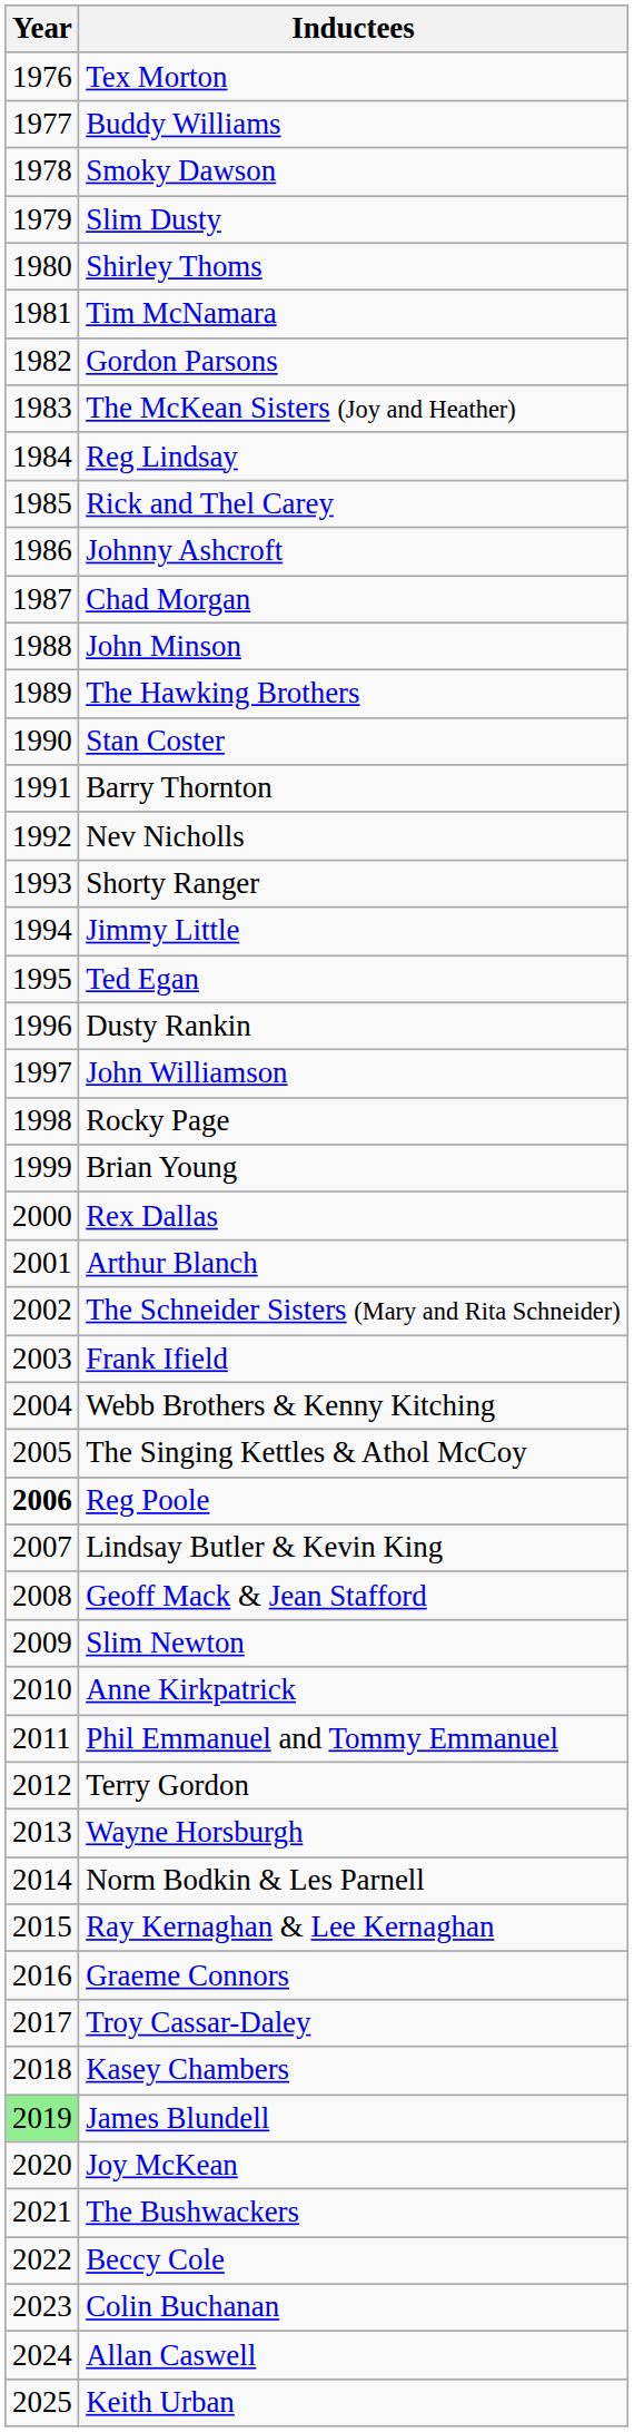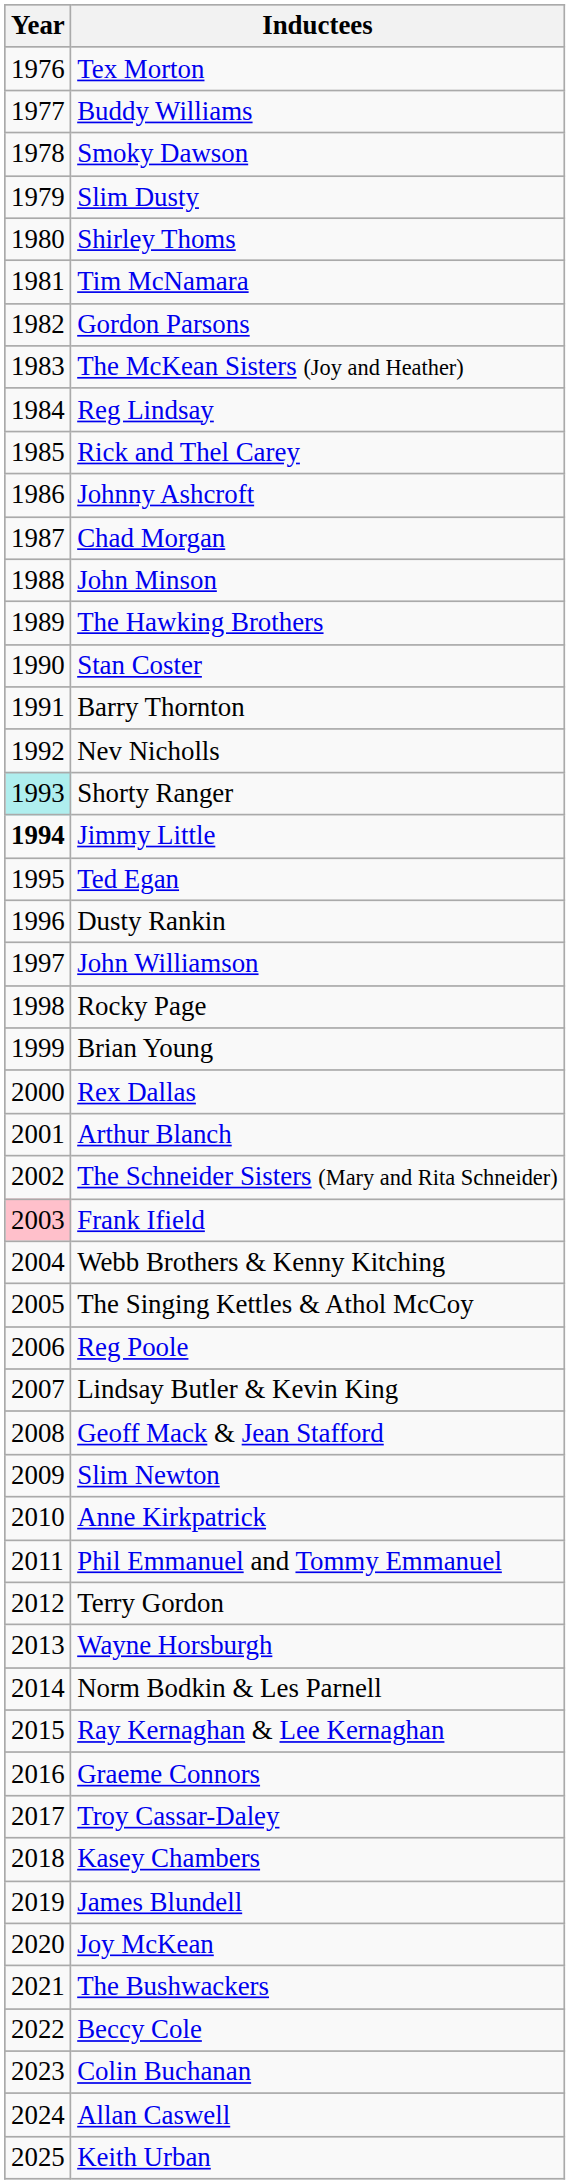 <table class="wikitable">
 <tr>
 <th>Year</th>
 <th>Inductees</th>
 </tr>
 <tr>
 <td>1976</td>
 <td><a href='#'>Tex Morton</a></td>
 </tr>
 <tr>
 <td>1977</td>
 <td><a href='#'>Buddy Williams</a></td>
 </tr>
 <tr>
 <td>1978</td>
 <td><a href='#'>Smoky Dawson</a></td>
 </tr>
 <tr>
 <td>1979</td>
 <td><a href='#'>Slim Dusty</a></td>
 </tr>
 <tr>
 <td>1980</td>
 <td><a href='#'>Shirley Thoms</a></td>
 </tr>
 <tr>
 <td>1981</td>
 <td><a href='#'>Tim McNamara</a></td>
 </tr>
 <tr>
 <td>1982</td>
 <td><a href='#'>Gordon Parsons</a></td>
 </tr>
 <tr>
 <td>1983</td>
 <td><a href='#'>The McKean Sisters</a> <small> (Joy and Heather)</small></td>
 </tr>
 <tr>
 <td>1984</td>
 <td><a href='#'>Reg Lindsay</a></td>
 </tr>
 <tr>
 <td>1985</td>
 <td><a href='#'>Rick and Thel Carey</a></td>
 </tr>
 <tr>
 <td>1986</td>
 <td><a href='#'>Johnny Ashcroft</a></td>
 </tr>
 <tr>
 <td>1987</td>
 <td><a href='#'>Chad Morgan</a></td>
 </tr>
 <tr>
 <td>1988</td>
 <td><a href='#'>John Minson</a></td>
 </tr>
 <tr>
 <td>1989</td>
 <td><a href='#'>The Hawking Brothers</a></td>
 </tr>
 <tr>
 <td>1990</td>
 <td><a href='#'>Stan Coster</a></td>
 </tr>
 <tr>
 <td>1991</td>
 <td>Barry Thornton</td>
 </tr>
 <tr>
 <td>1992</td>
 <td>Nev Nicholls</td>
 </tr>
 <tr>
-<td>1993</td>
+<td style="background: paleturquoise;">1993</td>
 <td>Shorty Ranger</td>
 </tr>
 <tr>
-<td>1994</td>
+<td><strong>1994</strong></td>
 <td><a href='#'>Jimmy Little</a></td>
 </tr>
 <tr>
 <td>1995</td>
 <td><a href='#'>Ted Egan</a></td>
 </tr>
 <tr>
 <td>1996</td>
 <td>Dusty Rankin</td>
 </tr>
 <tr>
 <td>1997</td>
 <td><a href='#'>John Williamson</a></td>
 </tr>
 <tr>
 <td>1998</td>
 <td>Rocky Page</td>
 </tr>
 <tr>
 <td>1999</td>
 <td>Brian Young</td>
 </tr>
 <tr>
 <td>2000</td>
 <td><a href='#'>Rex Dallas</a></td>
 </tr>
 <tr>
 <td>2001</td>
 <td><a href='#'>Arthur Blanch</a></td>
 </tr>
 <tr>
 <td>2002</td>
 <td><a href='#'>The Schneider Sisters</a> <small> (Mary and Rita Schneider) </small></td>
 </tr>
 <tr>
-<td>2003</td>
+<td style="background: pink;">2003</td>
 <td><a href='#'>Frank Ifield</a></td>
 </tr>
 <tr>
 <td>2004</td>
 <td>Webb Brothers & Kenny Kitching</td>
 </tr>
 <tr>
 <td>2005</td>
 <td>The Singing Kettles & Athol McCoy</td>
 </tr>
 <tr>
-<td><strong>2006</strong></td>
+<td>2006</td>
 <td><a href='#'>Reg Poole</a></td>
 </tr>
 <tr>
 <td>2007</td>
 <td>Lindsay Butler & Kevin King</td>
 </tr>
 <tr>
 <td>2008</td>
 <td><a href='#'>Geoff Mack</a> & <a href='#'>Jean Stafford</a></td>
 </tr>
 <tr>
 <td>2009</td>
 <td><a href='#'>Slim Newton</a></td>
 </tr>
 <tr>
 <td>2010</td>
 <td><a href='#'>Anne Kirkpatrick</a></td>
 </tr>
 <tr>
 <td>2011</td>
 <td><a href='#'>Phil Emmanuel</a> and <a href='#'>Tommy Emmanuel</a></td>
 </tr>
 <tr>
 <td>2012</td>
 <td>Terry Gordon</td>
 </tr>
 <tr>
 <td>2013</td>
 <td><a href='#'>Wayne Horsburgh</a></td>
 </tr>
 <tr>
 <td>2014</td>
 <td>Norm Bodkin & Les Parnell</td>
 </tr>
 <tr>
 <td>2015</td>
 <td><a href='#'>Ray Kernaghan</a> & <a href='#'>Lee Kernaghan</a></td>
 </tr>
 <tr>
 <td>2016</td>
 <td><a href='#'>Graeme Connors</a></td>
 </tr>
 <tr>
 <td>2017</td>
 <td><a href='#'>Troy Cassar-Daley</a></td>
 </tr>
 <tr>
 <td>2018</td>
 <td><a href='#'>Kasey Chambers</a></td>
 </tr>
 <tr>
-<td style="background: lightgreen;">2019</td>
+<td>2019</td>
 <td><a href='#'>James Blundell</a></td>
 </tr>
 <tr>
 <td>2020</td>
 <td><a href='#'>Joy McKean</a></td>
 </tr>
 <tr>
 <td>2021</td>
 <td><a href='#'>The Bushwackers</a></td>
 </tr>
 <tr>
 <td>2022</td>
 <td><a href='#'>Beccy Cole</a></td>
 </tr>
 <tr>
 <td>2023</td>
 <td><a href='#'>Colin Buchanan</a></td>
 </tr>
 <tr>
 <td>2024</td>
 <td><a href='#'>Allan Caswell</a></td>
 </tr>
 <tr>
 <td>2025</td>
 <td><a href='#'>Keith Urban</a></td>
 </tr>
 </table>
